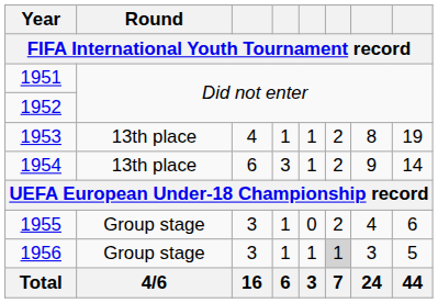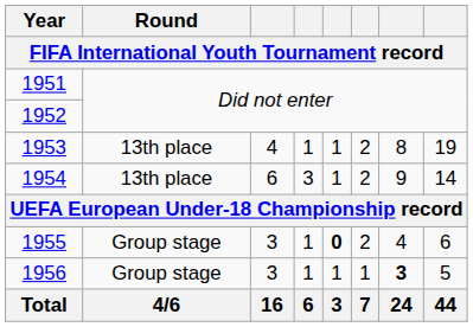 <table class="wikitable" style="text-align:center">
 <tr>
 <th>Year</th>
 <th>Round</th>
 <th></th>
 <th></th>
 <th></th>
 <th></th>
 <th></th>
 <th></th>
 </tr>
 <tr>
 <th colspan="9"><a href='#'>FIFA International Youth Tournament</a> record</th>
 </tr>
 <tr>
 <td> <a href='#'>1951</a></td>
 <td colspan="7" rowspan="2"><em>Did not enter</em></td>
 </tr>
 <tr>
 <td> <a href='#'>1952</a></td>
 </tr>
 <tr>
 <td> <a href='#'>1953</a></td>
 <td>13th place</td>
 <td>4</td>
 <td>1</td>
 <td>1</td>
 <td>2</td>
 <td>8</td>
 <td>19</td>
 </tr>
 <tr>
 <td> <a href='#'>1954</a></td>
 <td>13th place</td>
 <td>6</td>
 <td>3</td>
 <td>1</td>
 <td>2</td>
 <td>9</td>
 <td>14</td>
 </tr>
 <tr>
 <th colspan="9"><a href='#'>UEFA European Under-18 Championship</a> record</th>
 </tr>
 <tr>
 <td> <a href='#'>1955</a></td>
 <td>Group stage </td>
 <td>3</td>
 <td>1</td>
-<td>0</td>
+<td><strong>0</strong></td>
 <td>2</td>
 <td>4</td>
 <td>6</td>
 </tr>
 <tr>
 <td> <a href='#'>1956</a></td>
 <td>Group stage </td>
 <td>3</td>
 <td>1</td>
 <td>1</td>
-<td style="background: lightgrey;">1</td>
-<td>3</td>
+<td>1</td>
+<td><strong>3</strong></td>
 <td>5</td>
 </tr>
 <tr>
 <th>Total</th>
 <th>4/6</th>
 <th>16</th>
 <th>6</th>
 <th>3</th>
 <th>7</th>
 <th>24</th>
 <th>44</th>
 </tr>
 </table>
